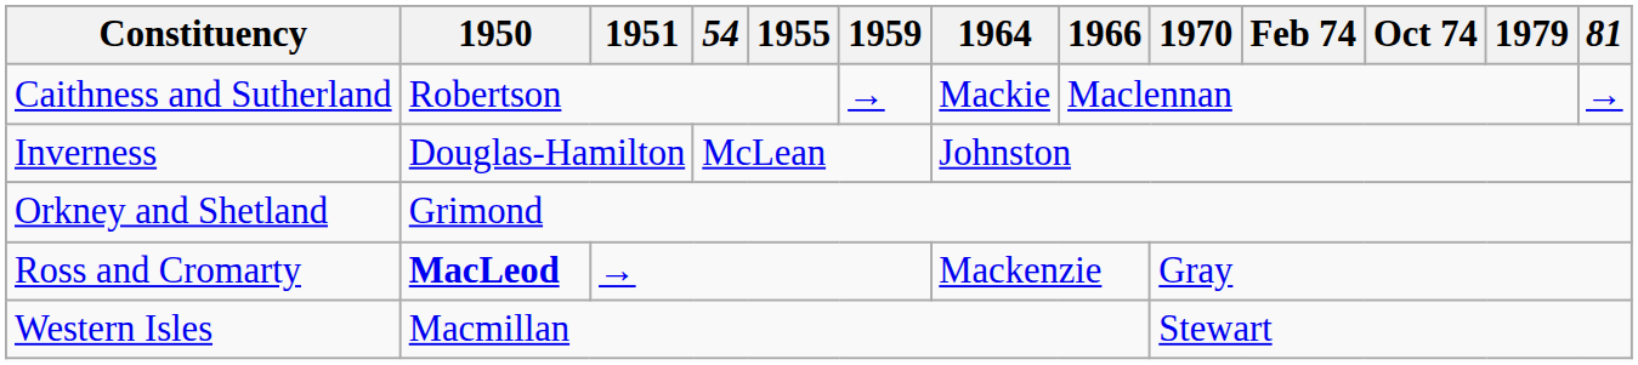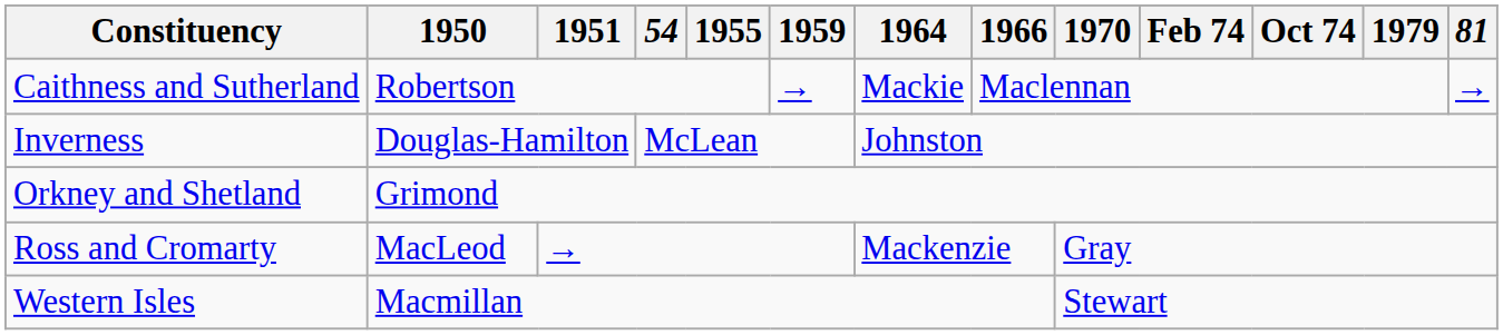 <table class="wikitable">
 <tr>
 <th>Constituency</th>
 <th>1950</th>
 <th>1951</th>
 <th><em>54</em></th>
 <th>1955</th>
 <th>1959</th>
 <th>1964</th>
 <th>1966</th>
 <th>1970</th>
 <th>Feb 74</th>
 <th>Oct 74</th>
 <th>1979</th>
 <th><em>81</em></th>
 </tr>
 <tr>
 <td><a href='#'>Caithness and Sutherland</a></td>
 <td colspan="4"><a href='#'>Robertson</a></td>
 <td><a href='#'>→</a></td>
 <td><a href='#'>Mackie</a></td>
 <td colspan="5"><a href='#'>Maclennan</a></td>
 <td><a href='#'>→</a></td>
 </tr>
 <tr>
 <td><a href='#'>Inverness</a></td>
 <td colspan="2"><a href='#'>Douglas-Hamilton</a></td>
 <td colspan="3"><a href='#'>McLean</a></td>
 <td colspan="7"><a href='#'>Johnston</a></td>
 </tr>
 <tr>
 <td><a href='#'>Orkney and Shetland</a></td>
 <td colspan="12"><a href='#'>Grimond</a></td>
 </tr>
 <tr>
 <td><a href='#'>Ross and Cromarty</a></td>
-<td><strong><a href='#'>MacLeod</a></strong></td>
+<td><a href='#'>MacLeod</a></td>
 <td colspan="4"><a href='#'>→</a></td>
 <td colspan="2"><a href='#'>Mackenzie</a></td>
 <td colspan="5"><a href='#'>Gray</a></td>
 </tr>
 <tr>
 <td><a href='#'>Western Isles</a></td>
 <td colspan="7"><a href='#'>Macmillan</a></td>
 <td colspan="5"><a href='#'>Stewart</a></td>
 </tr>
 </table>
